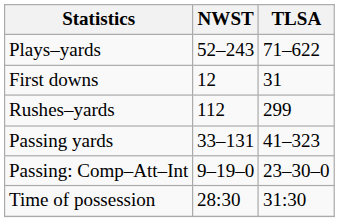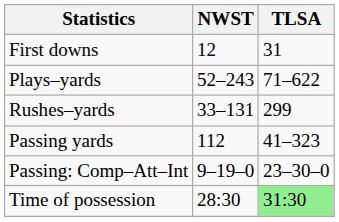 <table class="wikitable" style="float: left;">
 <tr>
 <th>Statistics</th>
 <th>NWST</th>
 <th>TLSA</th>
 </tr>
 <tr>
+<td>First downs</td>
+<td>12</td>
+<td>31</td>
+</tr>
+<tr>
 <td>Plays–yards</td>
 <td>52–243</td>
 <td>71–622</td>
 </tr>
 <tr>
-<td>First downs</td>
-<td>12</td>
-<td>31</td>
-</tr>
-<tr>
 <td>Rushes–yards</td>
-<td>112</td>
+<td>33–131</td>
 <td>299</td>
 </tr>
 <tr>
 <td>Passing yards</td>
-<td>33–131</td>
+<td>112</td>
 <td>41–323</td>
 </tr>
 <tr>
 <td>Passing: Comp–Att–Int</td>
 <td>9–19–0</td>
 <td>23–30–0</td>
 </tr>
 <tr>
 <td>Time of possession</td>
 <td>28:30</td>
-<td>31:30</td>
+<td style="background: lightgreen;">31:30</td>
 </tr>
 <tr>
 </tr>
 </table>
